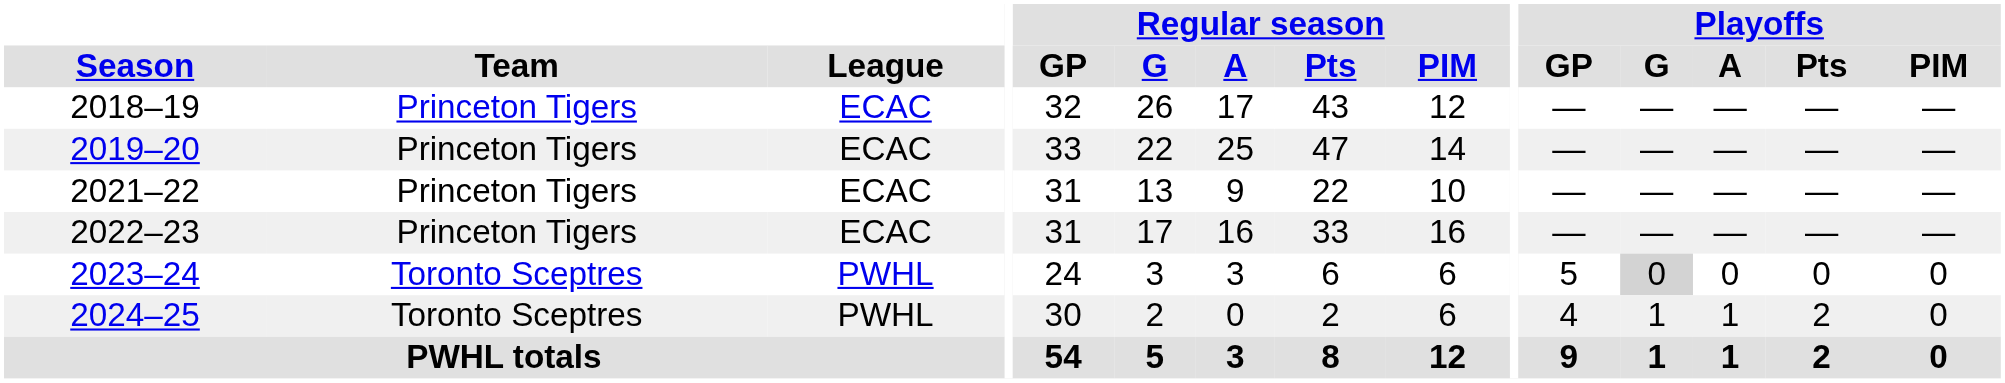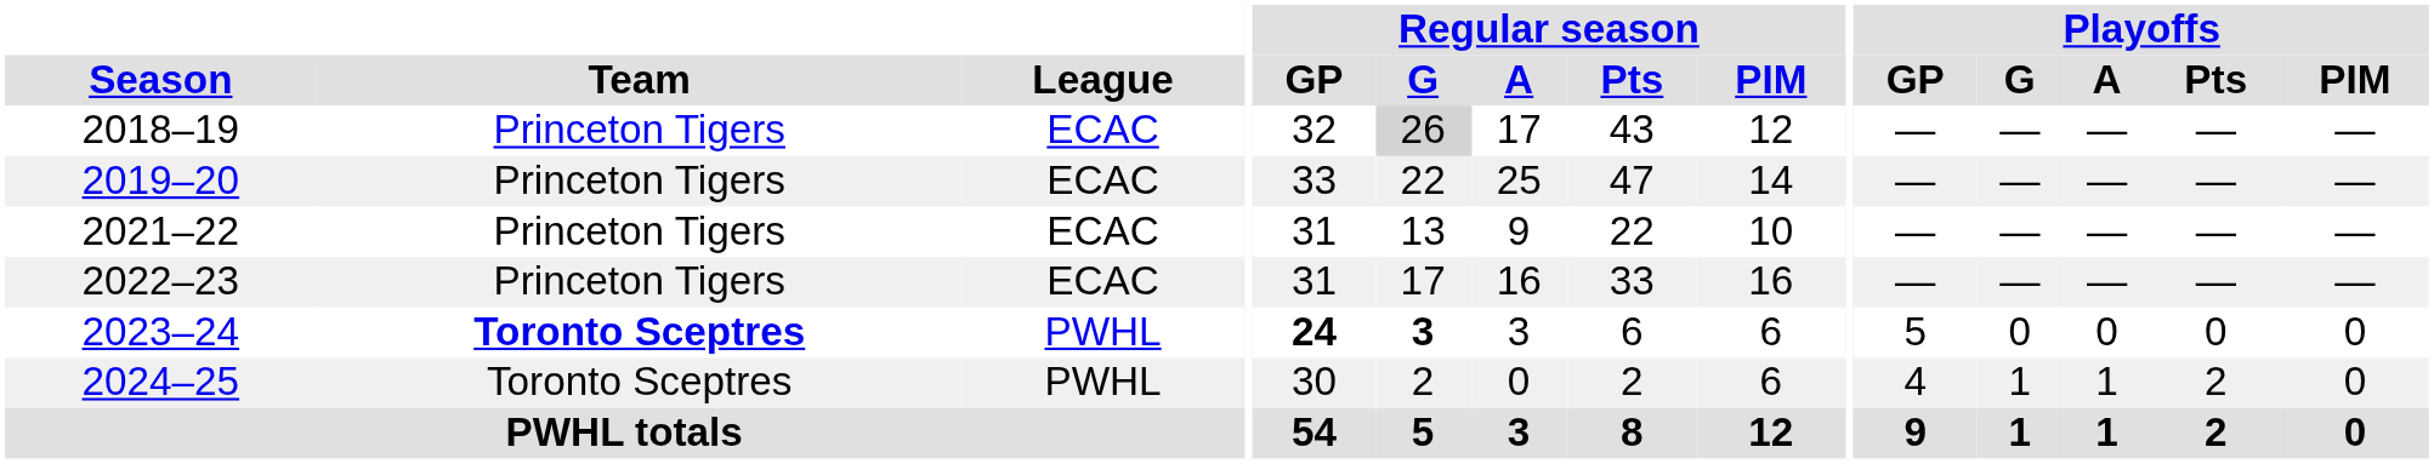 <table border="0" cellpadding="1" cellspacing="0" style="text-align:center; width:60em;">
 <tr bgcolor="#e0e0e0">
 <th colspan="3" bgcolor="#ffffff"></th>
 <th rowspan="101" bgcolor="#ffffff"></th>
 <th colspan="5"><a href='#'>Regular season</a></th>
 <th rowspan="101" bgcolor="#ffffff"></th>
 <th colspan="5"><a href='#'>Playoffs</a></th>
 </tr>
 <tr bgcolor="#e0e0e0">
 <th><a href='#'>Season</a></th>
 <th>Team</th>
 <th>League</th>
 <th>GP</th>
 <th><a href='#'>G</a></th>
 <th><a href='#'>A</a></th>
 <th><a href='#'>Pts</a></th>
 <th><a href='#'>PIM</a></th>
 <th>GP</th>
 <th>G</th>
 <th>A</th>
 <th>Pts</th>
 <th>PIM</th>
 </tr>
 <tr>
 <td>2018–19</td>
 <td><a href='#'>Princeton Tigers</a></td>
 <td><a href='#'>ECAC</a></td>
 <td>32</td>
-<td>26</td>
+<td style="background: lightgrey;">26</td>
 <td>17</td>
 <td>43</td>
 <td>12</td>
 <td>—</td>
 <td>—</td>
 <td>—</td>
 <td>—</td>
 <td>—</td>
 </tr>
 <tr bgcolor="#f0f0f0">
 <td><a href='#'>2019–20</a></td>
 <td>Princeton Tigers</td>
 <td>ECAC</td>
 <td>33</td>
 <td>22</td>
 <td>25</td>
 <td>47</td>
 <td>14</td>
 <td>—</td>
 <td>—</td>
 <td>—</td>
 <td>—</td>
 <td>—</td>
 </tr>
 <tr>
 <td>2021–22</td>
 <td>Princeton Tigers</td>
 <td>ECAC</td>
 <td>31</td>
 <td>13</td>
 <td>9</td>
 <td>22</td>
 <td>10</td>
 <td>—</td>
 <td>—</td>
 <td>—</td>
 <td>—</td>
 <td>—</td>
 </tr>
 <tr bgcolor="#f0f0f0">
 <td>2022–23</td>
 <td>Princeton Tigers</td>
 <td>ECAC</td>
 <td>31</td>
 <td>17</td>
 <td>16</td>
 <td>33</td>
 <td>16</td>
 <td>—</td>
 <td>—</td>
 <td>—</td>
 <td>—</td>
 <td>—</td>
 </tr>
 <tr>
 <td><a href='#'>2023–24</a></td>
-<td><a href='#'>Toronto Sceptres</a></td>
+<td><strong><a href='#'>Toronto Sceptres</a></strong></td>
 <td><a href='#'>PWHL</a></td>
-<td>24</td>
-<td>3</td>
+<td><strong>24</strong></td>
+<td><strong>3</strong></td>
 <td>3</td>
 <td>6</td>
 <td>6</td>
 <td>5</td>
-<td style="background: lightgrey;">0</td>
+<td>0</td>
 <td>0</td>
 <td>0</td>
 <td>0</td>
 </tr>
 <tr bgcolor="#f0f0f0">
 <td><a href='#'>2024–25</a></td>
 <td>Toronto Sceptres</td>
 <td>PWHL</td>
 <td>30</td>
 <td>2</td>
 <td>0</td>
 <td>2</td>
 <td>6</td>
 <td>4</td>
 <td>1</td>
 <td>1</td>
 <td>2</td>
 <td>0</td>
 </tr>
 <tr bgcolor="#e0e0e0">
 <th colspan="3">PWHL totals</th>
 <th>54</th>
 <th>5</th>
 <th>3</th>
 <th>8</th>
 <th>12</th>
 <th>9</th>
 <th>1</th>
 <th>1</th>
 <th>2</th>
 <th>0</th>
 </tr>
 </table>
